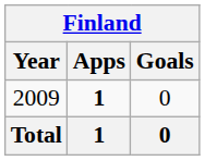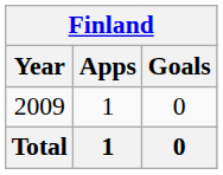 <table class=wikitable style=text-align:center>
 <tr>
 <th colspan=4><a href='#'>Finland</a></th>
 </tr>
 <tr>
 <th>Year</th>
 <th>Apps</th>
 <th>Goals</th>
 </tr>
 <tr>
 <td>2009</td>
-<td><strong>1</strong></td>
+<td>1</td>
 <td>0</td>
 </tr>
 <tr>
 <th colspan=1>Total</th>
 <th>1</th>
 <th>0</th>
 </tr>
 </table>
